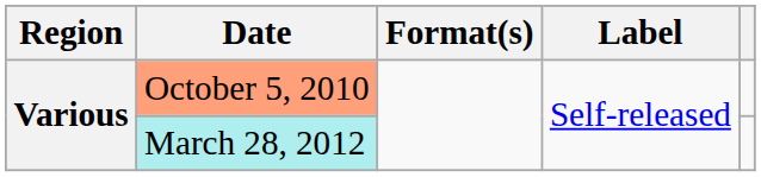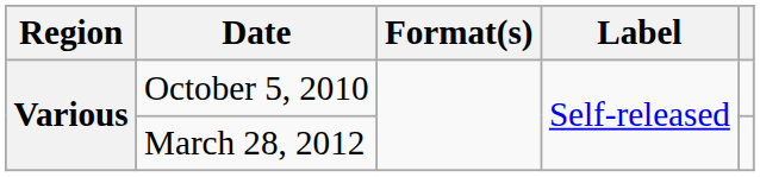 <table class="wikitable plainrowheaders">
 <tr>
 <th scope="col">Region</th>
 <th scope="col">Date</th>
 <th scope="col">Format(s)</th>
 <th scope="col">Label</th>
 <th scope="col"></th>
 </tr>
 <tr>
 <th scope="row" rowspan="2">Various</th>
-<td style="background: lightsalmon;">October 5, 2010</td>
+<td>October 5, 2010</td>
 <td rowspan="2"></td>
 <td rowspan="2"><a href='#'>Self-released</a></td>
 <td style="text-align:center;"></td>
 </tr>
 <tr>
-<td style="background: paleturquoise;">March 28, 2012</td>
+<td>March 28, 2012</td>
 <td style="text-align:center;"></td>
 </tr>
 </table>
